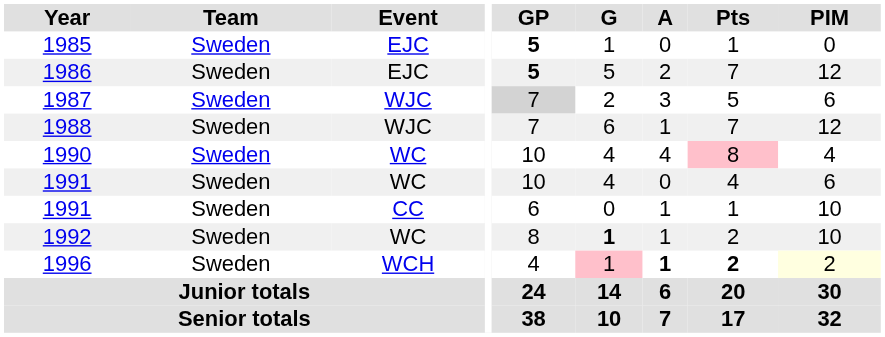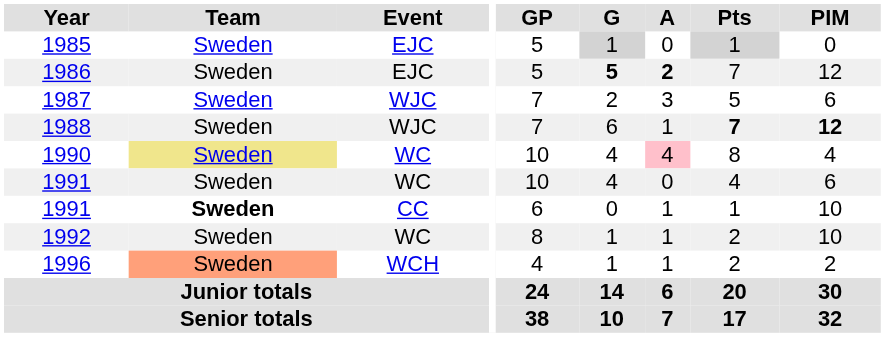 <table border="0" cellpadding="1" cellspacing="0" ID="Table3" style="text-align:center; width:40em">
 <tr ALIGN="center" bgcolor="#e0e0e0">
 <th>Year</th>
 <th>Team</th>
 <th>Event</th>
 <th rowspan="99" bgcolor="#ffffff"></th>
 <th>GP</th>
 <th>G</th>
 <th>A</th>
 <th>Pts</th>
 <th>PIM</th>
 </tr>
 <tr>
 <td><a href='#'>1985</a></td>
 <td><a href='#'>Sweden</a></td>
 <td><a href='#'>EJC</a></td>
-<td><strong>5</strong></td>
-<td>1</td>
+<td>5</td>
+<td style="background: lightgrey;">1</td>
 <td>0</td>
-<td>1</td>
+<td style="background: lightgrey;">1</td>
 <td>0</td>
 </tr>
 <tr bgcolor="#f0f0f0">
 <td><a href='#'>1986</a></td>
 <td>Sweden</td>
 <td>EJC</td>
+<td>5</td>
 <td><strong>5</strong></td>
-<td>5</td>
-<td>2</td>
+<td><strong>2</strong></td>
 <td>7</td>
 <td>12</td>
 </tr>
 <tr>
 <td><a href='#'>1987</a></td>
 <td><a href='#'>Sweden</a></td>
 <td><a href='#'>WJC</a></td>
-<td style="background: lightgrey;">7</td>
+<td>7</td>
 <td>2</td>
 <td>3</td>
 <td>5</td>
 <td>6</td>
 </tr>
 <tr bgcolor="#f0f0f0">
 <td><a href='#'>1988</a></td>
 <td>Sweden</td>
 <td>WJC</td>
 <td>7</td>
 <td>6</td>
 <td>1</td>
-<td>7</td>
-<td>12</td>
+<td><strong>7</strong></td>
+<td><strong>12</strong></td>
 </tr>
 <tr>
 <td><a href='#'>1990</a></td>
-<td><a href='#'>Sweden</a></td>
+<td style="background: khaki;"><a href='#'>Sweden</a></td>
 <td><a href='#'>WC</a></td>
 <td>10</td>
 <td>4</td>
-<td>4</td>
-<td style="background: pink;">8</td>
+<td style="background: pink;">4</td>
+<td>8</td>
 <td>4</td>
 </tr>
 <tr bgcolor="#f0f0f0">
 <td><a href='#'>1991</a></td>
 <td>Sweden</td>
 <td>WC</td>
 <td>10</td>
 <td>4</td>
 <td>0</td>
 <td>4</td>
 <td>6</td>
 </tr>
 <tr>
 <td><a href='#'>1991</a></td>
-<td>Sweden</td>
+<td><strong>Sweden</strong></td>
 <td><a href='#'>CC</a></td>
 <td>6</td>
 <td>0</td>
 <td>1</td>
 <td>1</td>
 <td>10</td>
 </tr>
 <tr bgcolor="#f0f0f0">
 <td><a href='#'>1992</a></td>
 <td>Sweden</td>
 <td>WC</td>
 <td>8</td>
-<td><strong>1</strong></td>
+<td>1</td>
 <td>1</td>
 <td>2</td>
 <td>10</td>
 </tr>
 <tr>
 <td><a href='#'>1996</a></td>
-<td>Sweden</td>
+<td style="background: lightsalmon;">Sweden</td>
 <td><a href='#'>WCH</a></td>
 <td>4</td>
-<td style="background: pink;">1</td>
-<td><strong>1</strong></td>
-<td><strong>2</strong></td>
-<td style="background: lightyellow;">2</td>
+<td>1</td>
+<td>1</td>
+<td>2</td>
+<td>2</td>
 </tr>
 <tr bgcolor="#e0e0e0">
 <th colspan="3">Junior totals</th>
 <th>24</th>
 <th>14</th>
 <th>6</th>
 <th>20</th>
 <th>30</th>
 </tr>
 <tr bgcolor="#e0e0e0">
 <th colspan="3">Senior totals</th>
 <th>38</th>
 <th>10</th>
 <th>7</th>
 <th>17</th>
 <th>32</th>
 </tr>
 </table>
